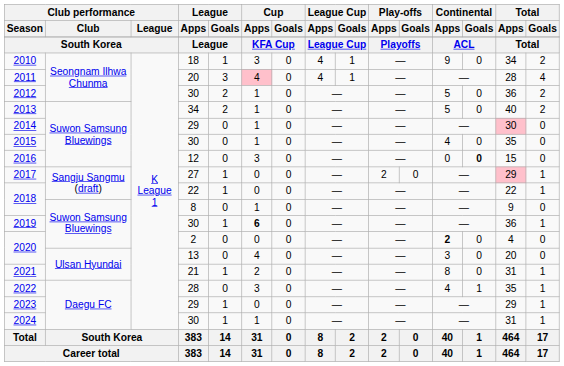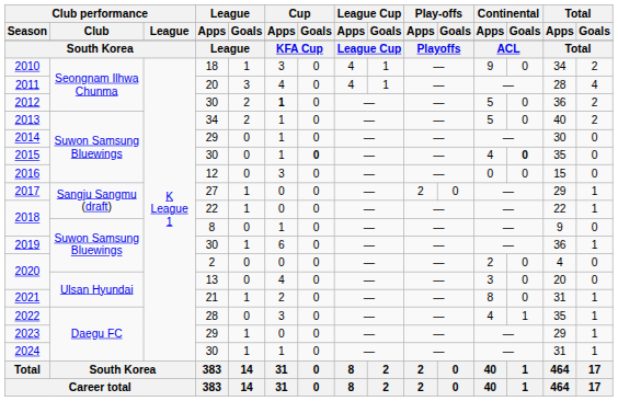 <table class="wikitable" style="text-align:center">
 <tr>
 <th colspan=3>Club performance</th>
 <th colspan=2>League</th>
 <th colspan=2>Cup</th>
 <th colspan=2>League Cup</th>
 <th colspan=2>Play-offs</th>
 <th colspan=2>Continental</th>
 <th colspan=2>Total</th>
 </tr>
 <tr>
 <th>Season</th>
 <th>Club</th>
 <th>League</th>
 <th>Apps</th>
 <th>Goals</th>
 <th>Apps</th>
 <th>Goals</th>
 <th>Apps</th>
 <th>Goals</th>
 <th>Apps</th>
 <th>Goals</th>
 <th>Apps</th>
 <th>Goals</th>
 <th>Apps</th>
 <th>Goals</th>
 </tr>
 <tr>
 </tr>
 <tr>
 <th colspan=3>South Korea</th>
 <th colspan=2>League</th>
 <th colspan=2><a href='#'>KFA Cup</a></th>
 <th colspan=2><a href='#'>League Cup</a></th>
 <th colspan=2><a href='#'>Playoffs</a></th>
 <th colspan=2><a href='#'>ACL</a></th>
 <th colspan=2>Total</th>
 </tr>
 <tr>
 <td><a href='#'>2010</a></td>
 <td rowspan="3"><a href='#'>Seongnam Ilhwa Chunma</a></td>
 <td rowspan="17"><a href='#'>K League 1</a></td>
 <td>18</td>
 <td>1</td>
 <td>3</td>
 <td>0</td>
 <td>4</td>
 <td>1</td>
 <td colspan="2">—</td>
 <td>9</td>
 <td>0</td>
 <td>34</td>
 <td>2</td>
 </tr>
 <tr>
 <td><a href='#'>2011</a></td>
 <td>20</td>
 <td>3</td>
-<td style="background: pink;">4</td>
+<td>4</td>
 <td>0</td>
 <td>4</td>
 <td>1</td>
 <td colspan="2">—</td>
 <td colspan="2">—</td>
 <td>28</td>
 <td>4</td>
 </tr>
 <tr>
 <td><a href='#'>2012</a></td>
 <td>30</td>
 <td>2</td>
-<td>1</td>
+<td><strong>1</strong></td>
 <td>0</td>
 <td colspan="2">—</td>
 <td colspan="2">—</td>
 <td>5</td>
 <td>0</td>
 <td>36</td>
 <td>2</td>
 </tr>
 <tr>
 <td><a href='#'>2013</a></td>
 <td rowspan="4"><a href='#'>Suwon Samsung Bluewings</a></td>
 <td>34</td>
 <td>2</td>
 <td>1</td>
 <td>0</td>
 <td colspan="2">—</td>
 <td colspan="2">—</td>
 <td>5</td>
 <td>0</td>
 <td>40</td>
 <td>2</td>
 </tr>
 <tr>
 <td><a href='#'>2014</a></td>
 <td>29</td>
 <td>0</td>
 <td>1</td>
 <td>0</td>
 <td colspan="2">—</td>
 <td colspan="2">—</td>
 <td colspan="2">—</td>
-<td style="background: pink;">30</td>
+<td>30</td>
 <td>0</td>
 </tr>
 <tr>
 <td><a href='#'>2015</a></td>
 <td>30</td>
 <td>0</td>
 <td>1</td>
-<td>0</td>
+<td><strong>0</strong></td>
 <td colspan="2">—</td>
 <td colspan="2">—</td>
 <td>4</td>
-<td>0</td>
+<td><strong>0</strong></td>
 <td>35</td>
 <td>0</td>
 </tr>
 <tr>
 <td><a href='#'>2016</a></td>
 <td>12</td>
 <td>0</td>
 <td>3</td>
 <td>0</td>
 <td colspan="2">—</td>
 <td colspan="2">—</td>
 <td>0</td>
-<td><strong>0</strong></td>
+<td>0</td>
 <td>15</td>
 <td>0</td>
 </tr>
 <tr>
 <td><a href='#'>2017</a></td>
 <td rowspan="2"><a href='#'>Sangju Sangmu</a> (<a href='#'>draft</a>)</td>
 <td>27</td>
 <td>1</td>
 <td>0</td>
 <td>0</td>
 <td colspan="2">—</td>
 <td>2</td>
 <td>0</td>
 <td colspan="2">—</td>
-<td style="background: pink;">29</td>
+<td>29</td>
 <td>1</td>
 </tr>
 <tr>
 <td rowspan="2"><a href='#'>2018</a></td>
 <td>22</td>
 <td>1</td>
 <td>0</td>
 <td>0</td>
 <td colspan="2">—</td>
 <td colspan="2">—</td>
 <td colspan="2">—</td>
 <td>22</td>
 <td>1</td>
 </tr>
 <tr>
 <td rowspan="3"><a href='#'>Suwon Samsung Bluewings</a></td>
 <td>8</td>
 <td>0</td>
 <td>1</td>
 <td>0</td>
 <td colspan="2">—</td>
 <td colspan="2">—</td>
 <td colspan="2">—</td>
 <td>9</td>
 <td>0</td>
 </tr>
 <tr>
 <td><a href='#'>2019</a></td>
 <td>30</td>
 <td>1</td>
-<td><strong>6</strong></td>
+<td>6</td>
 <td>0</td>
 <td colspan="2">—</td>
 <td colspan="2">—</td>
 <td colspan="2">—</td>
 <td>36</td>
 <td>1</td>
 </tr>
 <tr>
 <td rowspan="2"><a href='#'>2020</a></td>
 <td>2</td>
 <td>0</td>
 <td>0</td>
 <td>0</td>
 <td colspan="2">—</td>
 <td colspan="2">—</td>
-<td><strong>2</strong></td>
+<td>2</td>
 <td>0</td>
 <td>4</td>
 <td>0</td>
 </tr>
 <tr>
 <td rowspan="2"><a href='#'>Ulsan Hyundai</a></td>
 <td>13</td>
 <td>0</td>
 <td>4</td>
 <td>0</td>
 <td colspan="2">—</td>
 <td colspan="2">—</td>
 <td>3</td>
 <td>0</td>
 <td>20</td>
 <td>0</td>
 </tr>
 <tr>
 <td><a href='#'>2021</a></td>
 <td>21</td>
 <td>1</td>
 <td>2</td>
 <td>0</td>
 <td colspan="2">—</td>
 <td colspan="2">—</td>
 <td>8</td>
 <td>0</td>
 <td>31</td>
 <td>1</td>
 </tr>
 <tr>
 <td><a href='#'>2022</a></td>
 <td rowspan="3"><a href='#'>Daegu FC</a></td>
 <td>28</td>
 <td>0</td>
 <td>3</td>
 <td>0</td>
 <td colspan="2">—</td>
 <td colspan="2">—</td>
 <td>4</td>
 <td>1</td>
 <td>35</td>
 <td>1</td>
 </tr>
 <tr>
 <td><a href='#'>2023</a></td>
 <td>29</td>
 <td>1</td>
 <td>0</td>
 <td>0</td>
 <td colspan="2">—</td>
 <td colspan="2">—</td>
 <td colspan="2">—</td>
 <td>29</td>
 <td>1</td>
 </tr>
 <tr>
 <td><a href='#'>2024</a></td>
 <td>30</td>
 <td>1</td>
 <td>1</td>
 <td>0</td>
 <td colspan="2">—</td>
 <td colspan="2">—</td>
 <td colspan="2">—</td>
 <td>31</td>
 <td>1</td>
 </tr>
 <tr>
 <th>Total</th>
 <th colspan=2>South Korea</th>
 <th>383</th>
 <th>14</th>
 <th>31</th>
 <th>0</th>
 <th>8</th>
 <th>2</th>
 <th>2</th>
 <th>0</th>
 <th>40</th>
 <th>1</th>
 <th>464</th>
 <th>17</th>
 </tr>
 <tr>
 <th colspan=3>Career total</th>
 <th>383</th>
 <th>14</th>
 <th>31</th>
 <th>0</th>
 <th>8</th>
 <th>2</th>
 <th>2</th>
 <th>0</th>
 <th>40</th>
 <th>1</th>
 <th>464</th>
 <th>17</th>
 </tr>
 </table>
